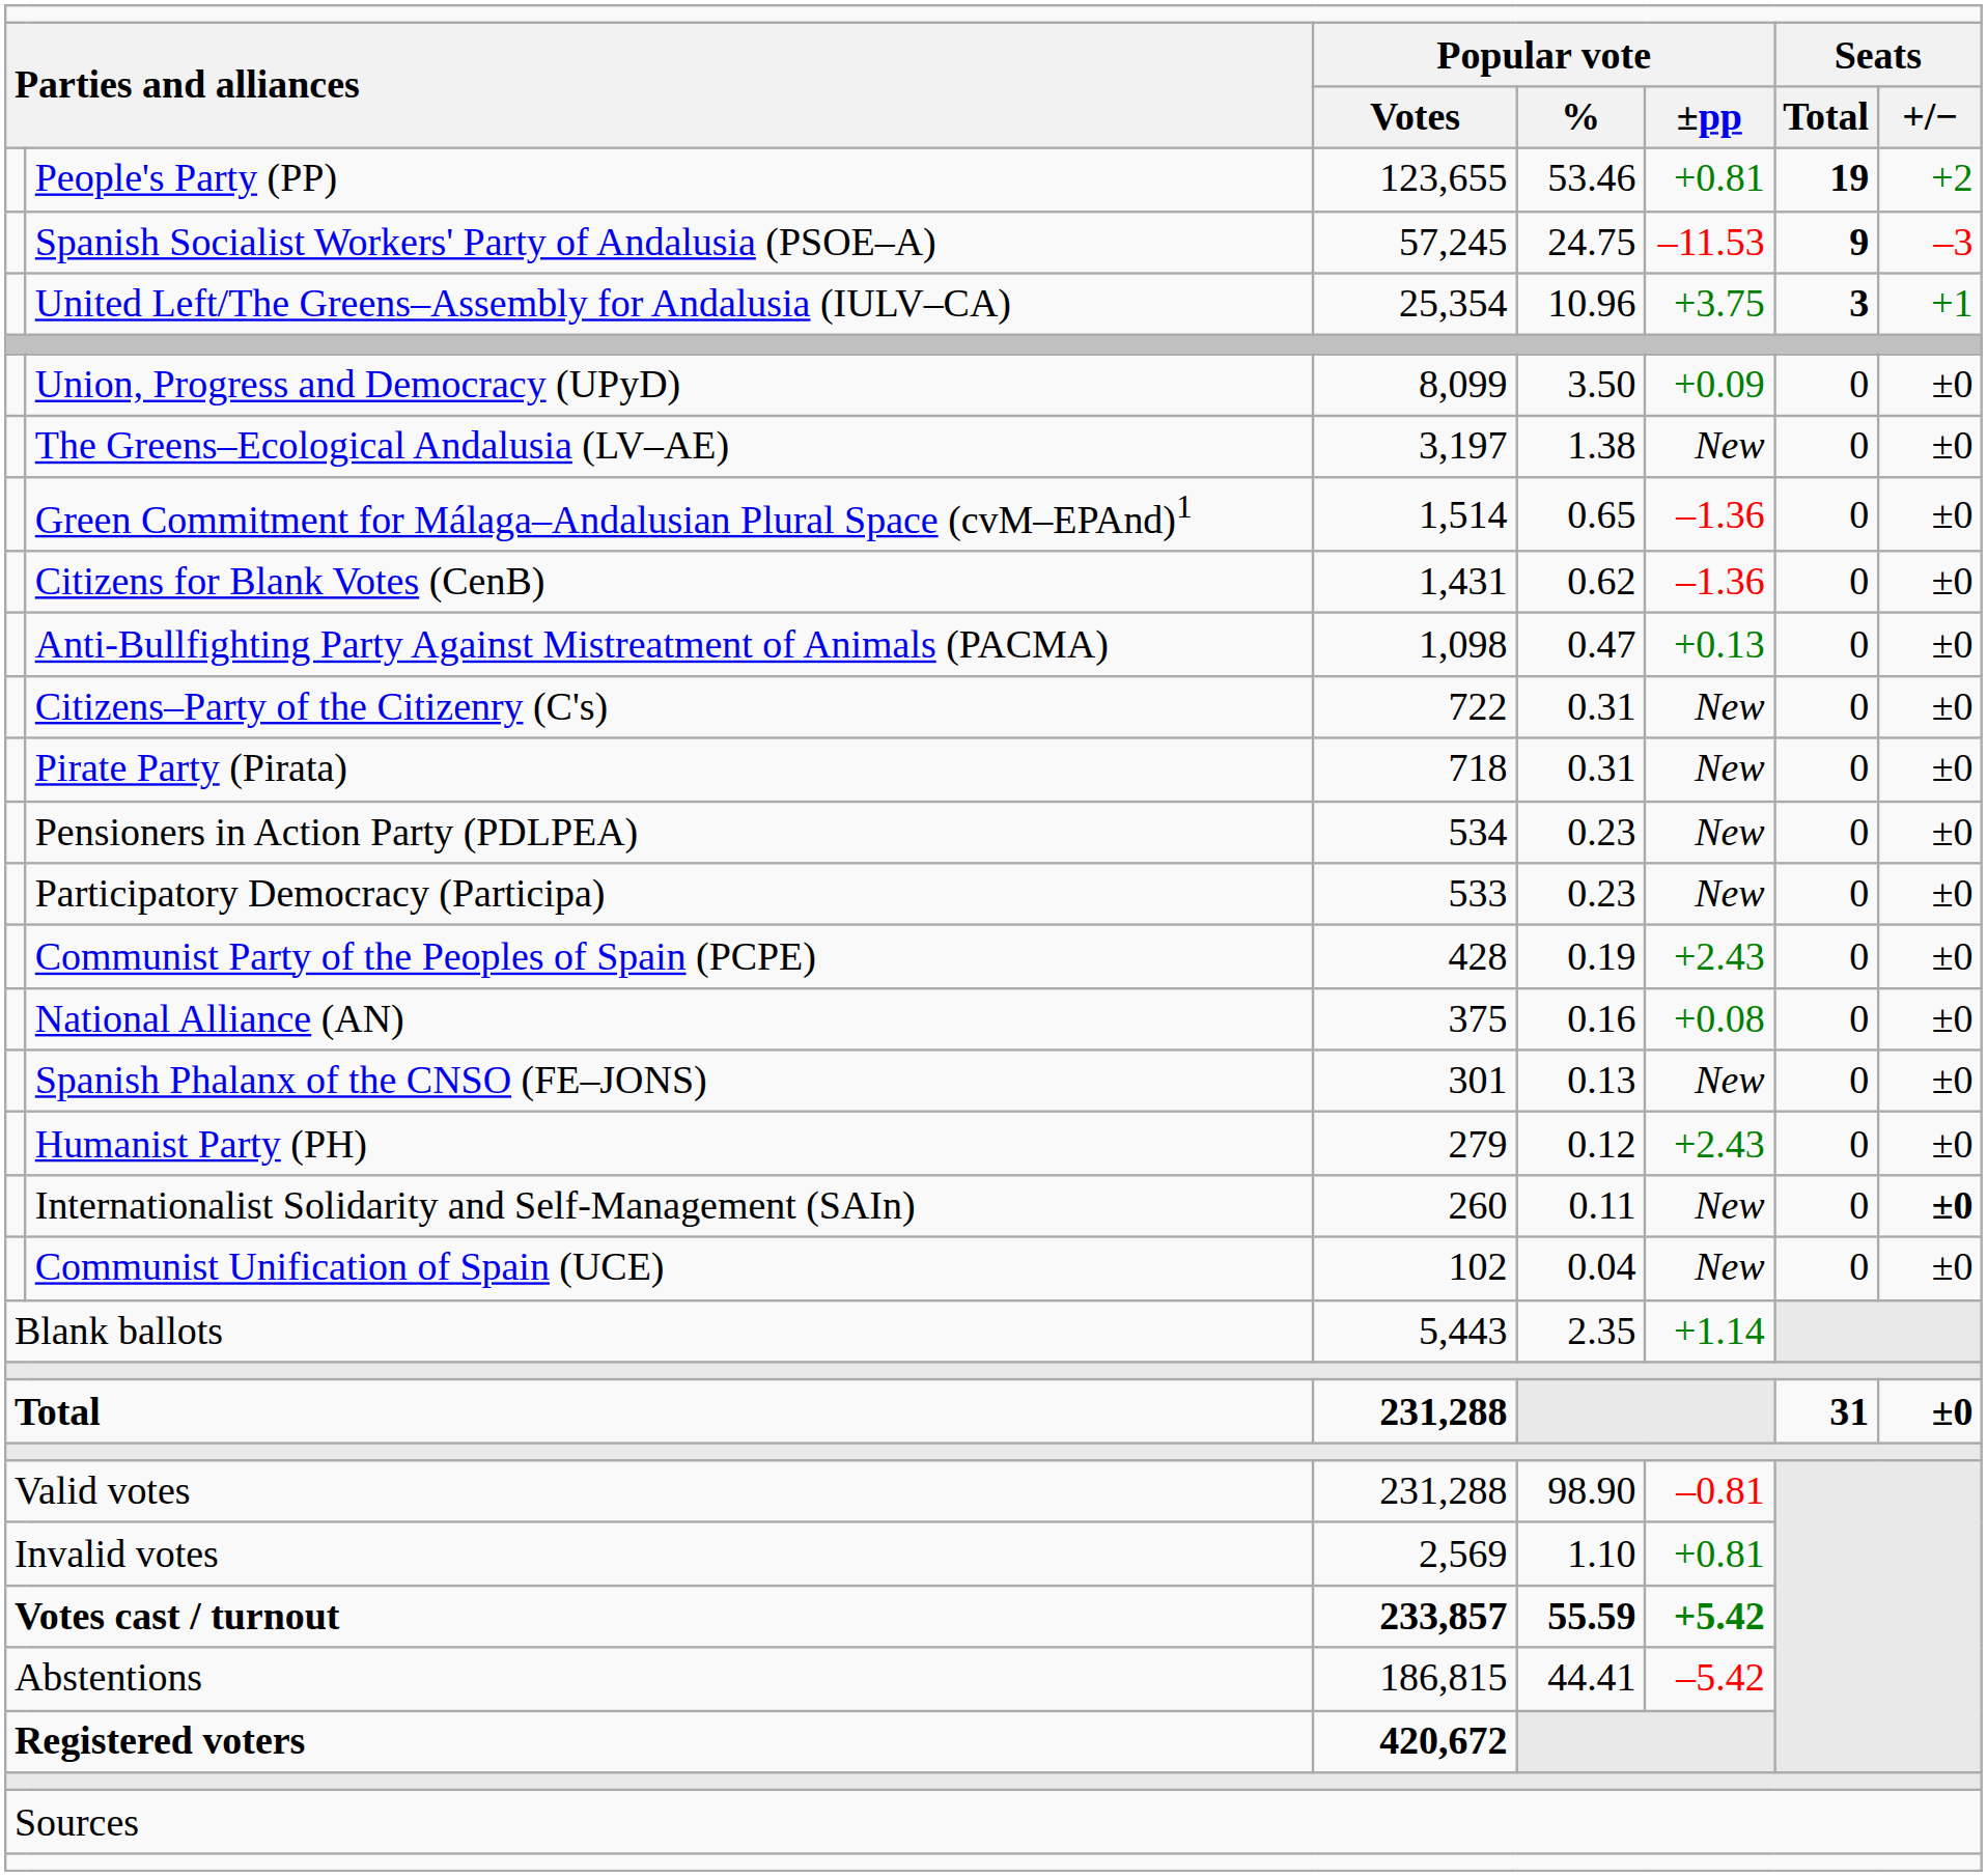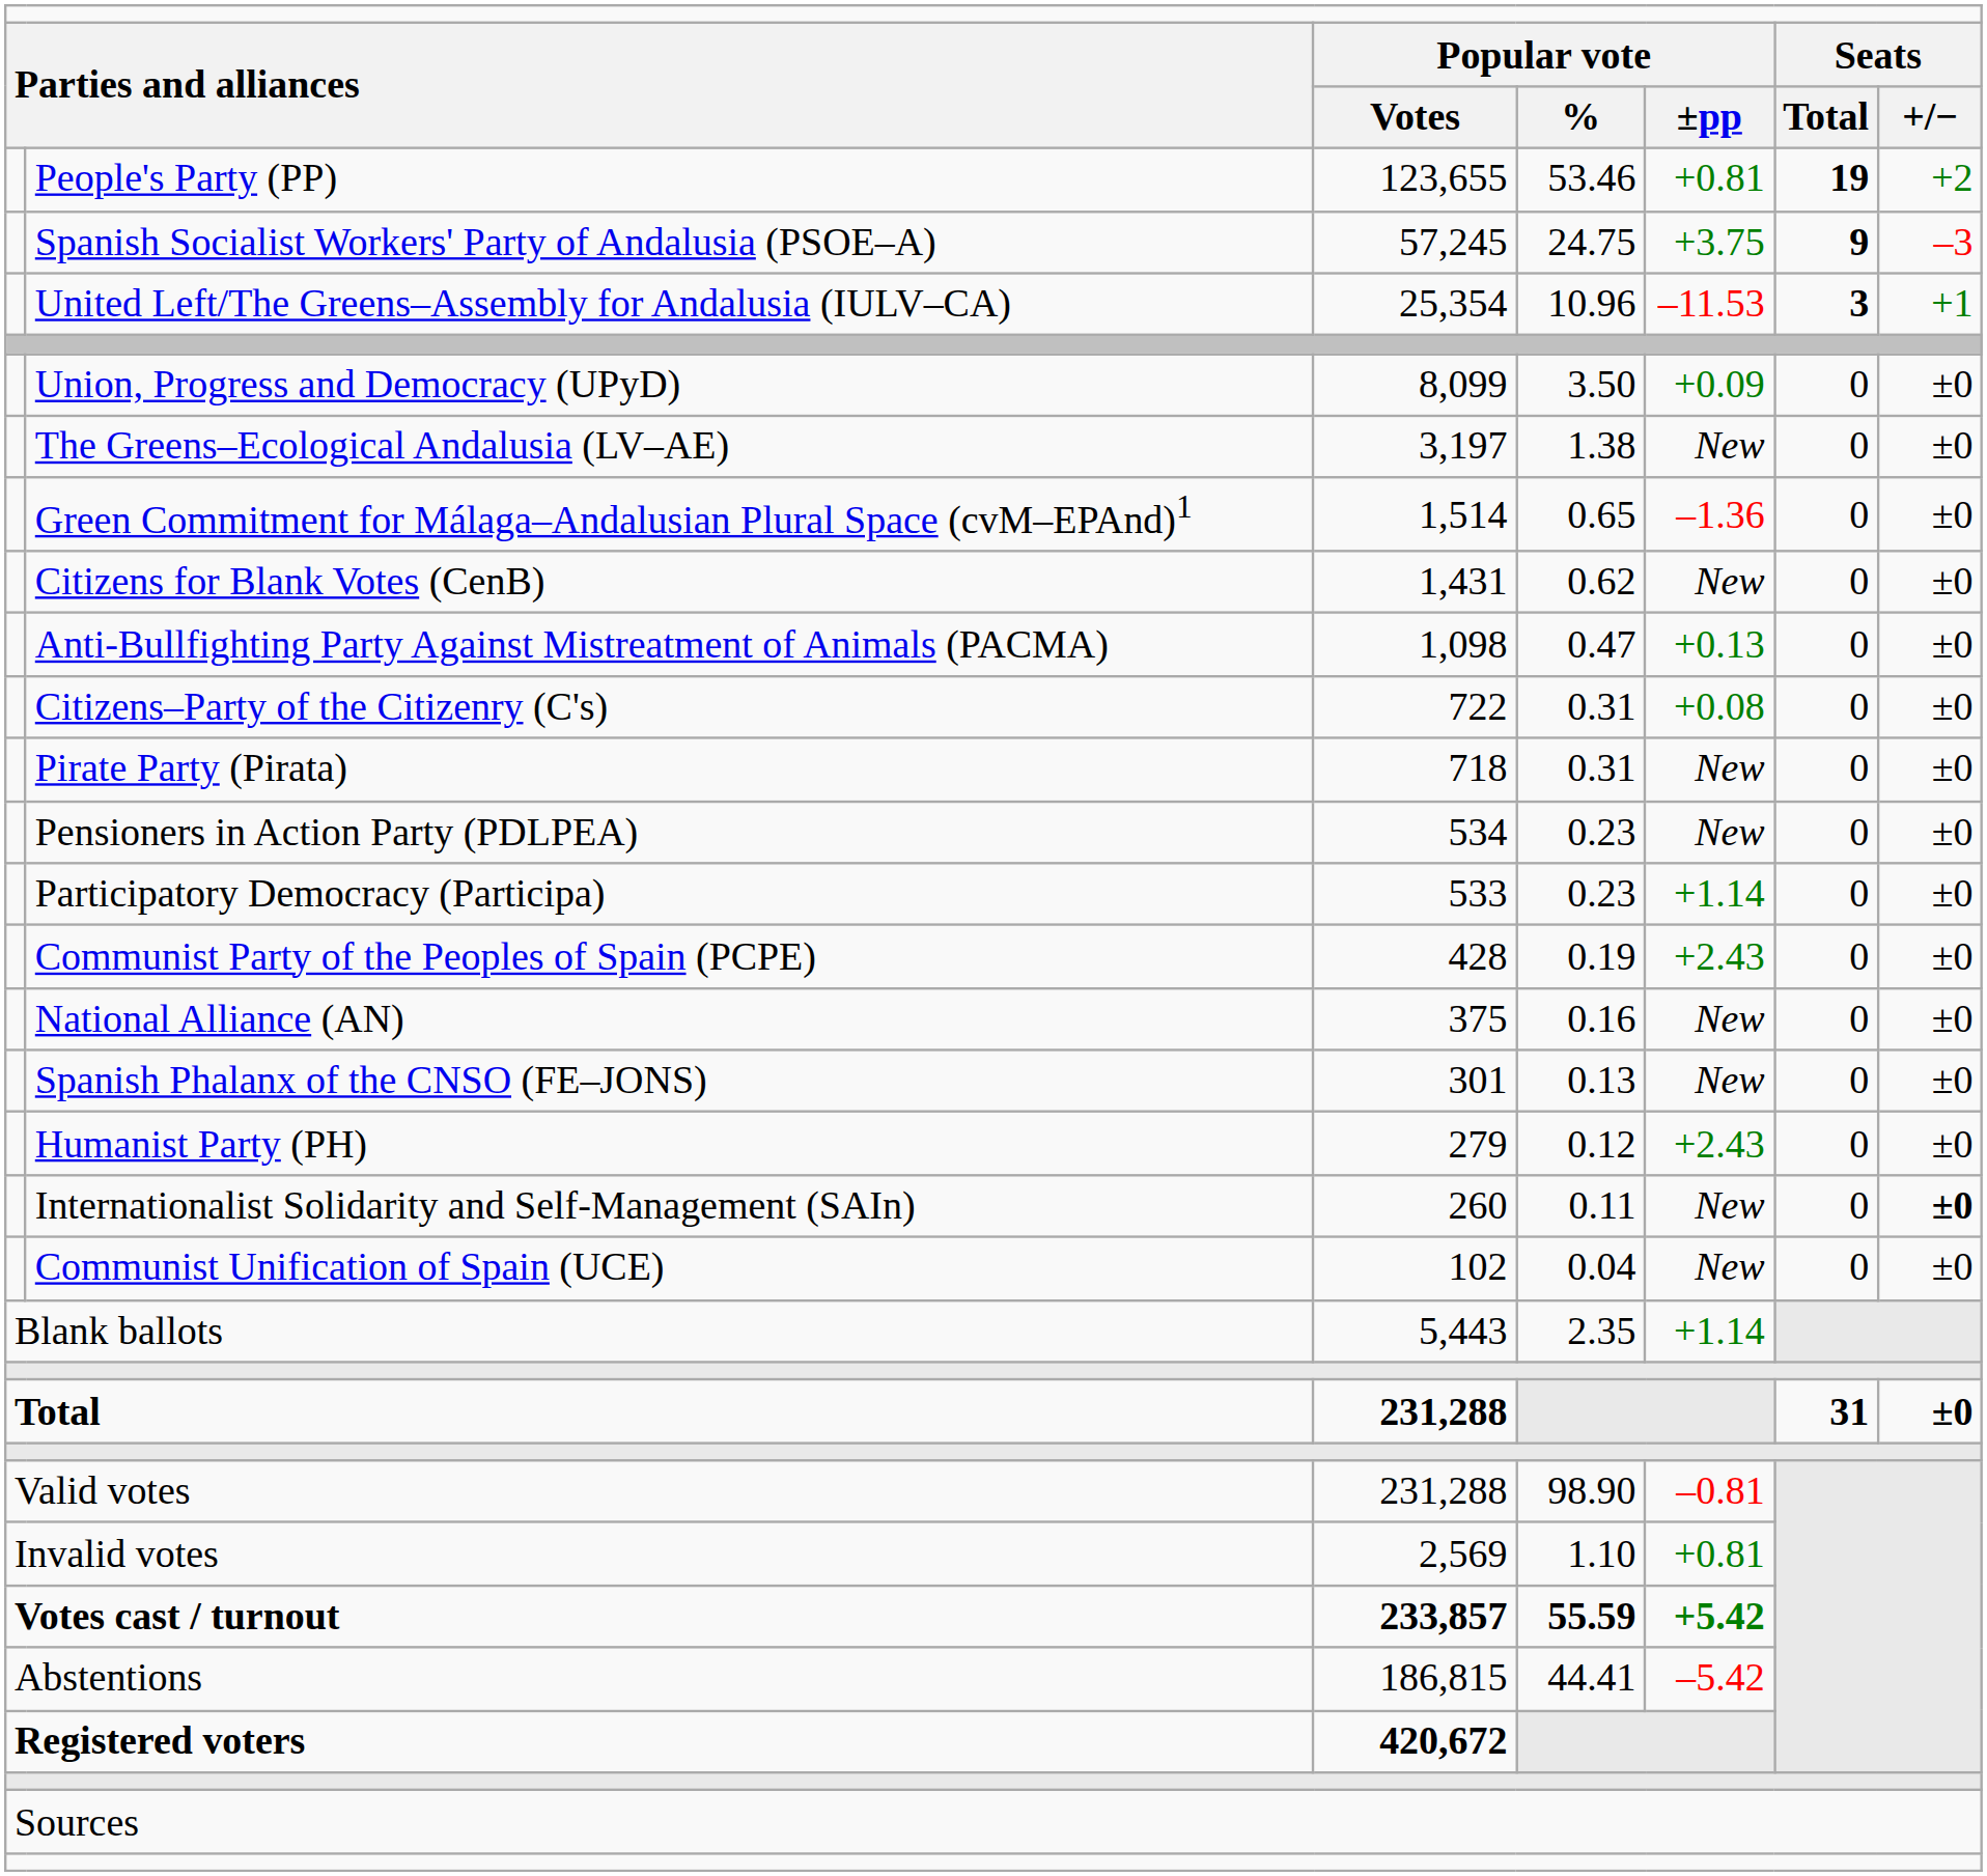 <table class="wikitable" style="text-align:right;">
 <tr>
 <td colspan="7"></td>
 </tr>
 <tr>
 <th style="text-align:left;" rowspan="2" colspan="2" width="525">Parties and alliances</th>
 <th colspan="3">Popular vote</th>
 <th colspan="2">Seats</th>
 </tr>
 <tr>
 <th width="75">Votes</th>
 <th width="45">%</th>
 <th width="45">±<a href='#'>pp</a></th>
 <th width="35">Total</th>
 <th width="35">+/−</th>
 </tr>
 <tr>
 <td width="1" style="color:inherit;background:"></td>
 <td align="left"><a href='#'>People's Party</a> (PP)</td>
 <td>123,655</td>
 <td>53.46</td>
 <td style="color:green;">+0.81</td>
 <td><strong>19</strong></td>
 <td style="color:green;">+2</td>
 </tr>
 <tr>
 <td style="color:inherit;background:"></td>
 <td align="left"><a href='#'>Spanish Socialist Workers' Party of Andalusia</a> (PSOE–A)</td>
 <td>57,245</td>
 <td>24.75</td>
-<td style="color:red;">–11.53</td>
+<td style="color:green;">+3.75</td>
 <td><strong>9</strong></td>
 <td style="color:red;">–3</td>
 </tr>
 <tr>
 <td style="color:inherit;background:"></td>
 <td align="left"><a href='#'>United Left/The Greens–Assembly for Andalusia</a> (IULV–CA)</td>
 <td>25,354</td>
 <td>10.96</td>
-<td style="color:green;">+3.75</td>
+<td style="color:red;">–11.53</td>
 <td><strong>3</strong></td>
 <td style="color:green;">+1</td>
 </tr>
 <tr>
 <td colspan="7" bgcolor="#C0C0C0"></td>
 </tr>
 <tr>
 <td style="color:inherit;background:"></td>
 <td align="left"><a href='#'>Union, Progress and Democracy</a> (UPyD)</td>
 <td>8,099</td>
 <td>3.50</td>
 <td style="color:green;">+0.09</td>
 <td>0</td>
 <td>±0</td>
 </tr>
 <tr>
 <td style="color:inherit;background:"></td>
 <td align="left"><a href='#'>The Greens–Ecological Andalusia</a> (LV–AE)</td>
 <td>3,197</td>
 <td>1.38</td>
 <td><em>New</em></td>
 <td>0</td>
 <td>±0</td>
 </tr>
 <tr>
 <td style="color:inherit;background:"></td>
 <td align="left"><a href='#'>Green Commitment for Málaga–Andalusian Plural Space</a> (cvM–EPAnd)<sup>1</sup></td>
 <td>1,514</td>
 <td>0.65</td>
 <td style="color:red;">–1.36</td>
 <td>0</td>
 <td>±0</td>
 </tr>
 <tr>
 <td style="color:inherit;background:"></td>
 <td align="left"><a href='#'>Citizens for Blank Votes</a> (CenB)</td>
 <td>1,431</td>
 <td>0.62</td>
-<td style="color:red;">–1.36</td>
+<td><em>New</em></td>
 <td>0</td>
 <td>±0</td>
 </tr>
 <tr>
 <td style="color:inherit;background:"></td>
 <td align="left"><a href='#'>Anti-Bullfighting Party Against Mistreatment of Animals</a> (PACMA)</td>
 <td>1,098</td>
 <td>0.47</td>
 <td style="color:green;">+0.13</td>
 <td>0</td>
 <td>±0</td>
 </tr>
 <tr>
 <td style="color:inherit;background:"></td>
 <td align="left"><a href='#'>Citizens–Party of the Citizenry</a> (C's)</td>
 <td>722</td>
 <td>0.31</td>
-<td><em>New</em></td>
+<td style="color:green;">+0.08</td>
 <td>0</td>
 <td>±0</td>
 </tr>
 <tr>
 <td style="color:inherit;background:"></td>
 <td align="left"><a href='#'>Pirate Party</a> (Pirata)</td>
 <td>718</td>
 <td>0.31</td>
 <td><em>New</em></td>
 <td>0</td>
 <td>±0</td>
 </tr>
 <tr>
 <td style="color:inherit;background:"></td>
 <td align="left">Pensioners in Action Party (PDLPEA)</td>
 <td>534</td>
 <td>0.23</td>
 <td><em>New</em></td>
 <td>0</td>
 <td>±0</td>
 </tr>
 <tr>
 <td style="color:inherit;background:"></td>
 <td align="left">Participatory Democracy (Participa)</td>
 <td>533</td>
 <td>0.23</td>
-<td><em>New</em></td>
+<td style="color:green;">+1.14</td>
 <td>0</td>
 <td>±0</td>
 </tr>
 <tr>
 <td style="color:inherit;background:"></td>
 <td align="left"><a href='#'>Communist Party of the Peoples of Spain</a> (PCPE)</td>
 <td>428</td>
 <td>0.19</td>
 <td style="color:green;">+2.43</td>
 <td>0</td>
 <td>±0</td>
 </tr>
 <tr>
 <td style="color:inherit;background:"></td>
 <td align="left"><a href='#'>National Alliance</a> (AN)</td>
 <td>375</td>
 <td>0.16</td>
-<td style="color:green;">+0.08</td>
+<td><em>New</em></td>
 <td>0</td>
 <td>±0</td>
 </tr>
 <tr>
 <td style="color:inherit;background:"></td>
 <td align="left"><a href='#'>Spanish Phalanx of the CNSO</a> (FE–JONS)</td>
 <td>301</td>
 <td>0.13</td>
 <td><em>New</em></td>
 <td>0</td>
 <td>±0</td>
 </tr>
 <tr>
 <td style="color:inherit;background:"></td>
 <td align="left"><a href='#'>Humanist Party</a> (PH)</td>
 <td>279</td>
 <td>0.12</td>
 <td style="color:green;">+2.43</td>
 <td>0</td>
 <td>±0</td>
 </tr>
 <tr>
 <td style="color:inherit;background:"></td>
 <td align="left">Internationalist Solidarity and Self-Management (SAIn)</td>
 <td>260</td>
 <td>0.11</td>
 <td><em>New</em></td>
 <td>0</td>
 <td><strong>±0</strong></td>
 </tr>
 <tr>
 <td style="color:inherit;background:"></td>
 <td align="left"><a href='#'>Communist Unification of Spain</a> (UCE)</td>
 <td>102</td>
 <td>0.04</td>
 <td><em>New</em></td>
 <td>0</td>
 <td>±0</td>
 </tr>
 <tr>
 <td align="left" colspan="2">Blank ballots</td>
 <td>5,443</td>
 <td>2.35</td>
 <td style="color:green;">+1.14</td>
 <td bgcolor="#E9E9E9" colspan="2"></td>
 </tr>
 <tr>
 <td colspan="7" bgcolor="#E9E9E9"></td>
 </tr>
 <tr style="font-weight:bold;">
 <td align="left" colspan="2">Total</td>
 <td>231,288</td>
 <td bgcolor="#E9E9E9" colspan="2"></td>
 <td>31</td>
 <td>±0</td>
 </tr>
 <tr>
 <td colspan="7" bgcolor="#E9E9E9"></td>
 </tr>
 <tr>
 <td align="left" colspan="2">Valid votes</td>
 <td>231,288</td>
 <td>98.90</td>
 <td style="color:red;">–0.81</td>
 <td bgcolor="#E9E9E9" colspan="2" rowspan="5"></td>
 </tr>
 <tr>
 <td align="left" colspan="2">Invalid votes</td>
 <td>2,569</td>
 <td>1.10</td>
 <td style="color:green;">+0.81</td>
 </tr>
 <tr style="font-weight:bold;">
 <td align="left" colspan="2">Votes cast / turnout</td>
 <td>233,857</td>
 <td>55.59</td>
 <td style="color:green;">+5.42</td>
 </tr>
 <tr>
 <td align="left" colspan="2">Abstentions</td>
 <td>186,815</td>
 <td>44.41</td>
 <td style="color:red;">–5.42</td>
 </tr>
 <tr style="font-weight:bold;">
 <td align="left" colspan="2">Registered voters</td>
 <td>420,672</td>
 <td bgcolor="#E9E9E9" colspan="2"></td>
 </tr>
 <tr>
 <td colspan="7" bgcolor="#E9E9E9"></td>
 </tr>
 <tr>
 <td align="left" colspan="7">Sources</td>
 </tr>
 <tr>
 <td colspan="7" style="text-align:left; max-width:790px;"></td>
 </tr>
 </table>
